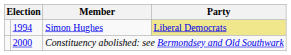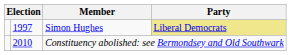 <table class="wikitable">
 <tr>
 <th colspan="2">Election</th>
 <th>Member</th>
 <th>Party</th>
 </tr>
 <tr>
 <td style="color:inherit;background-color: "></td>
-<td><a href='#'>1994</a></td>
+<td><a href='#'>1997</a></td>
 <td><a href='#'>Simon Hughes</a></td>
 <td style="background: khaki;"><a href='#'>Liberal Democrats</a></td>
 </tr>
 <tr>
 <td></td>
-<td><a href='#'>2000</a></td>
+<td><a href='#'>2010</a></td>
 <td colspan="2"><em>Constituency abolished: see <a href='#'>Bermondsey and Old Southwark</a></em></td>
 </tr>
 </table>
